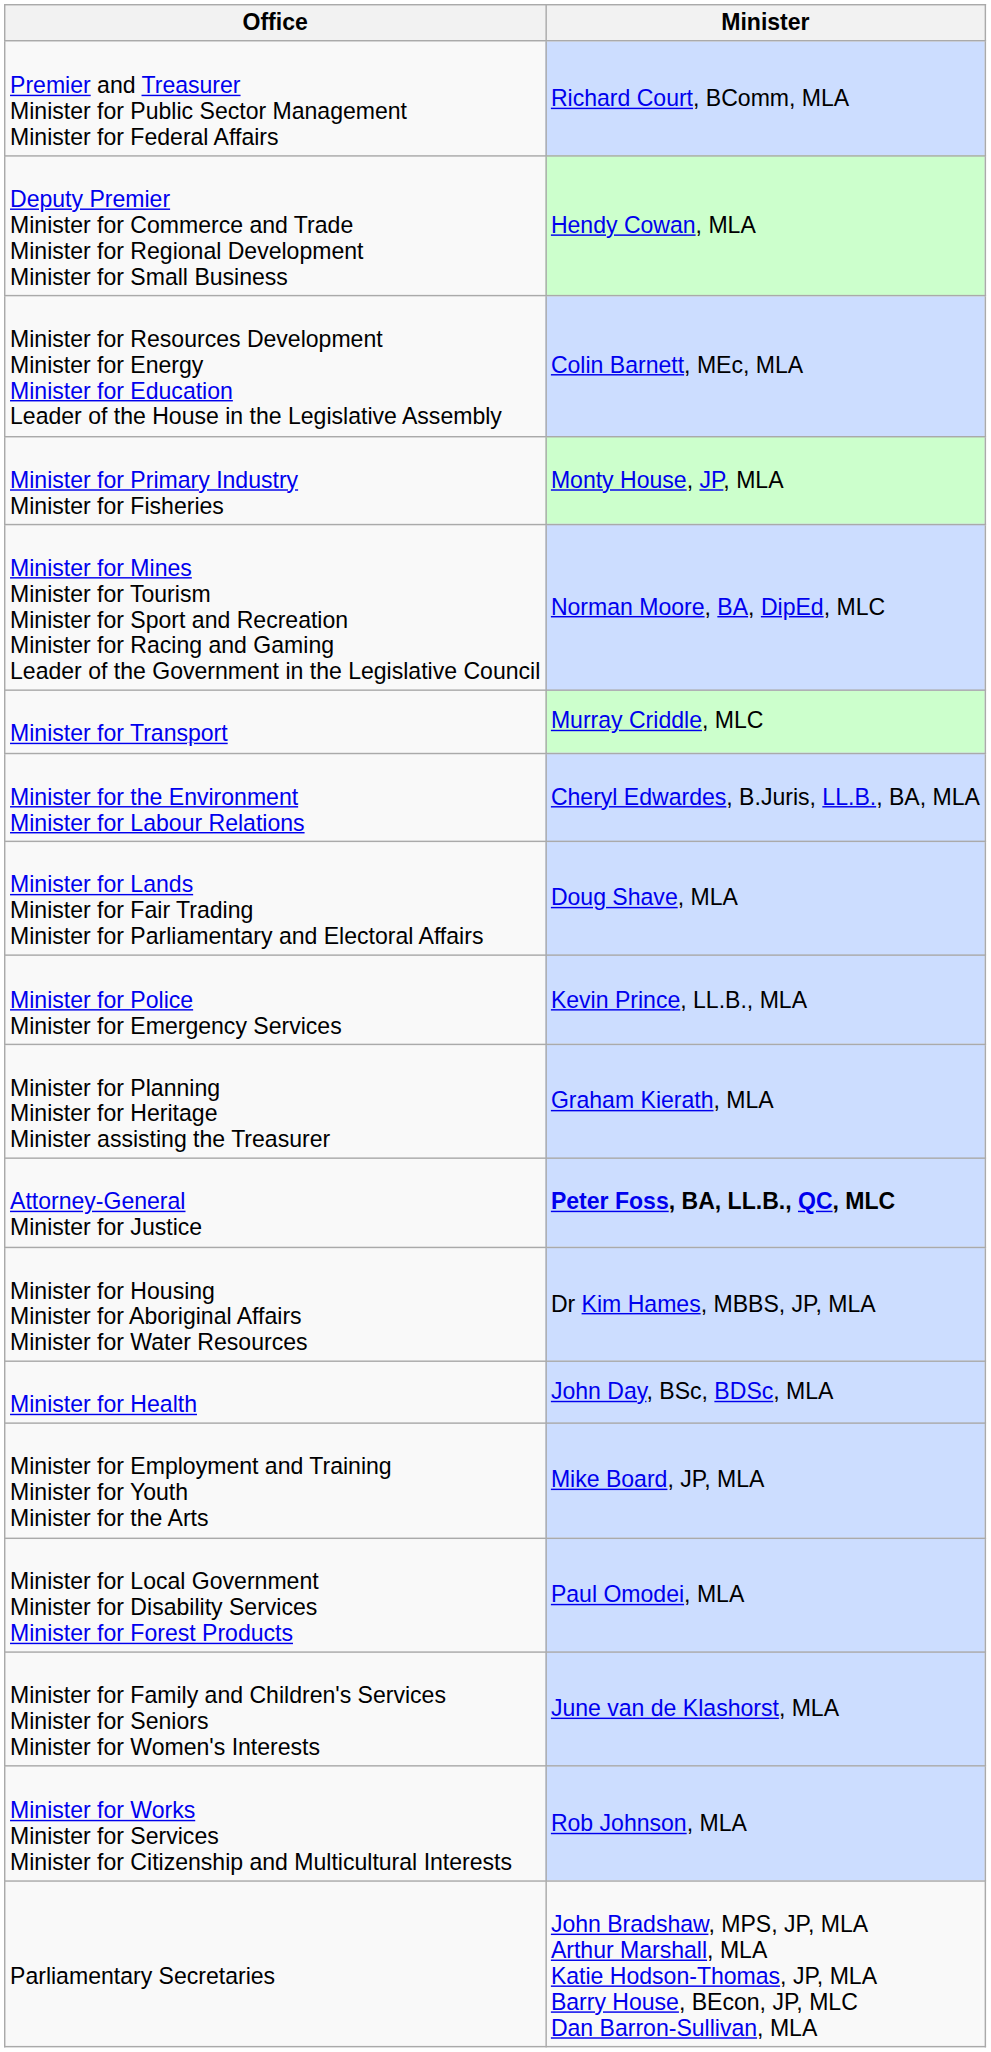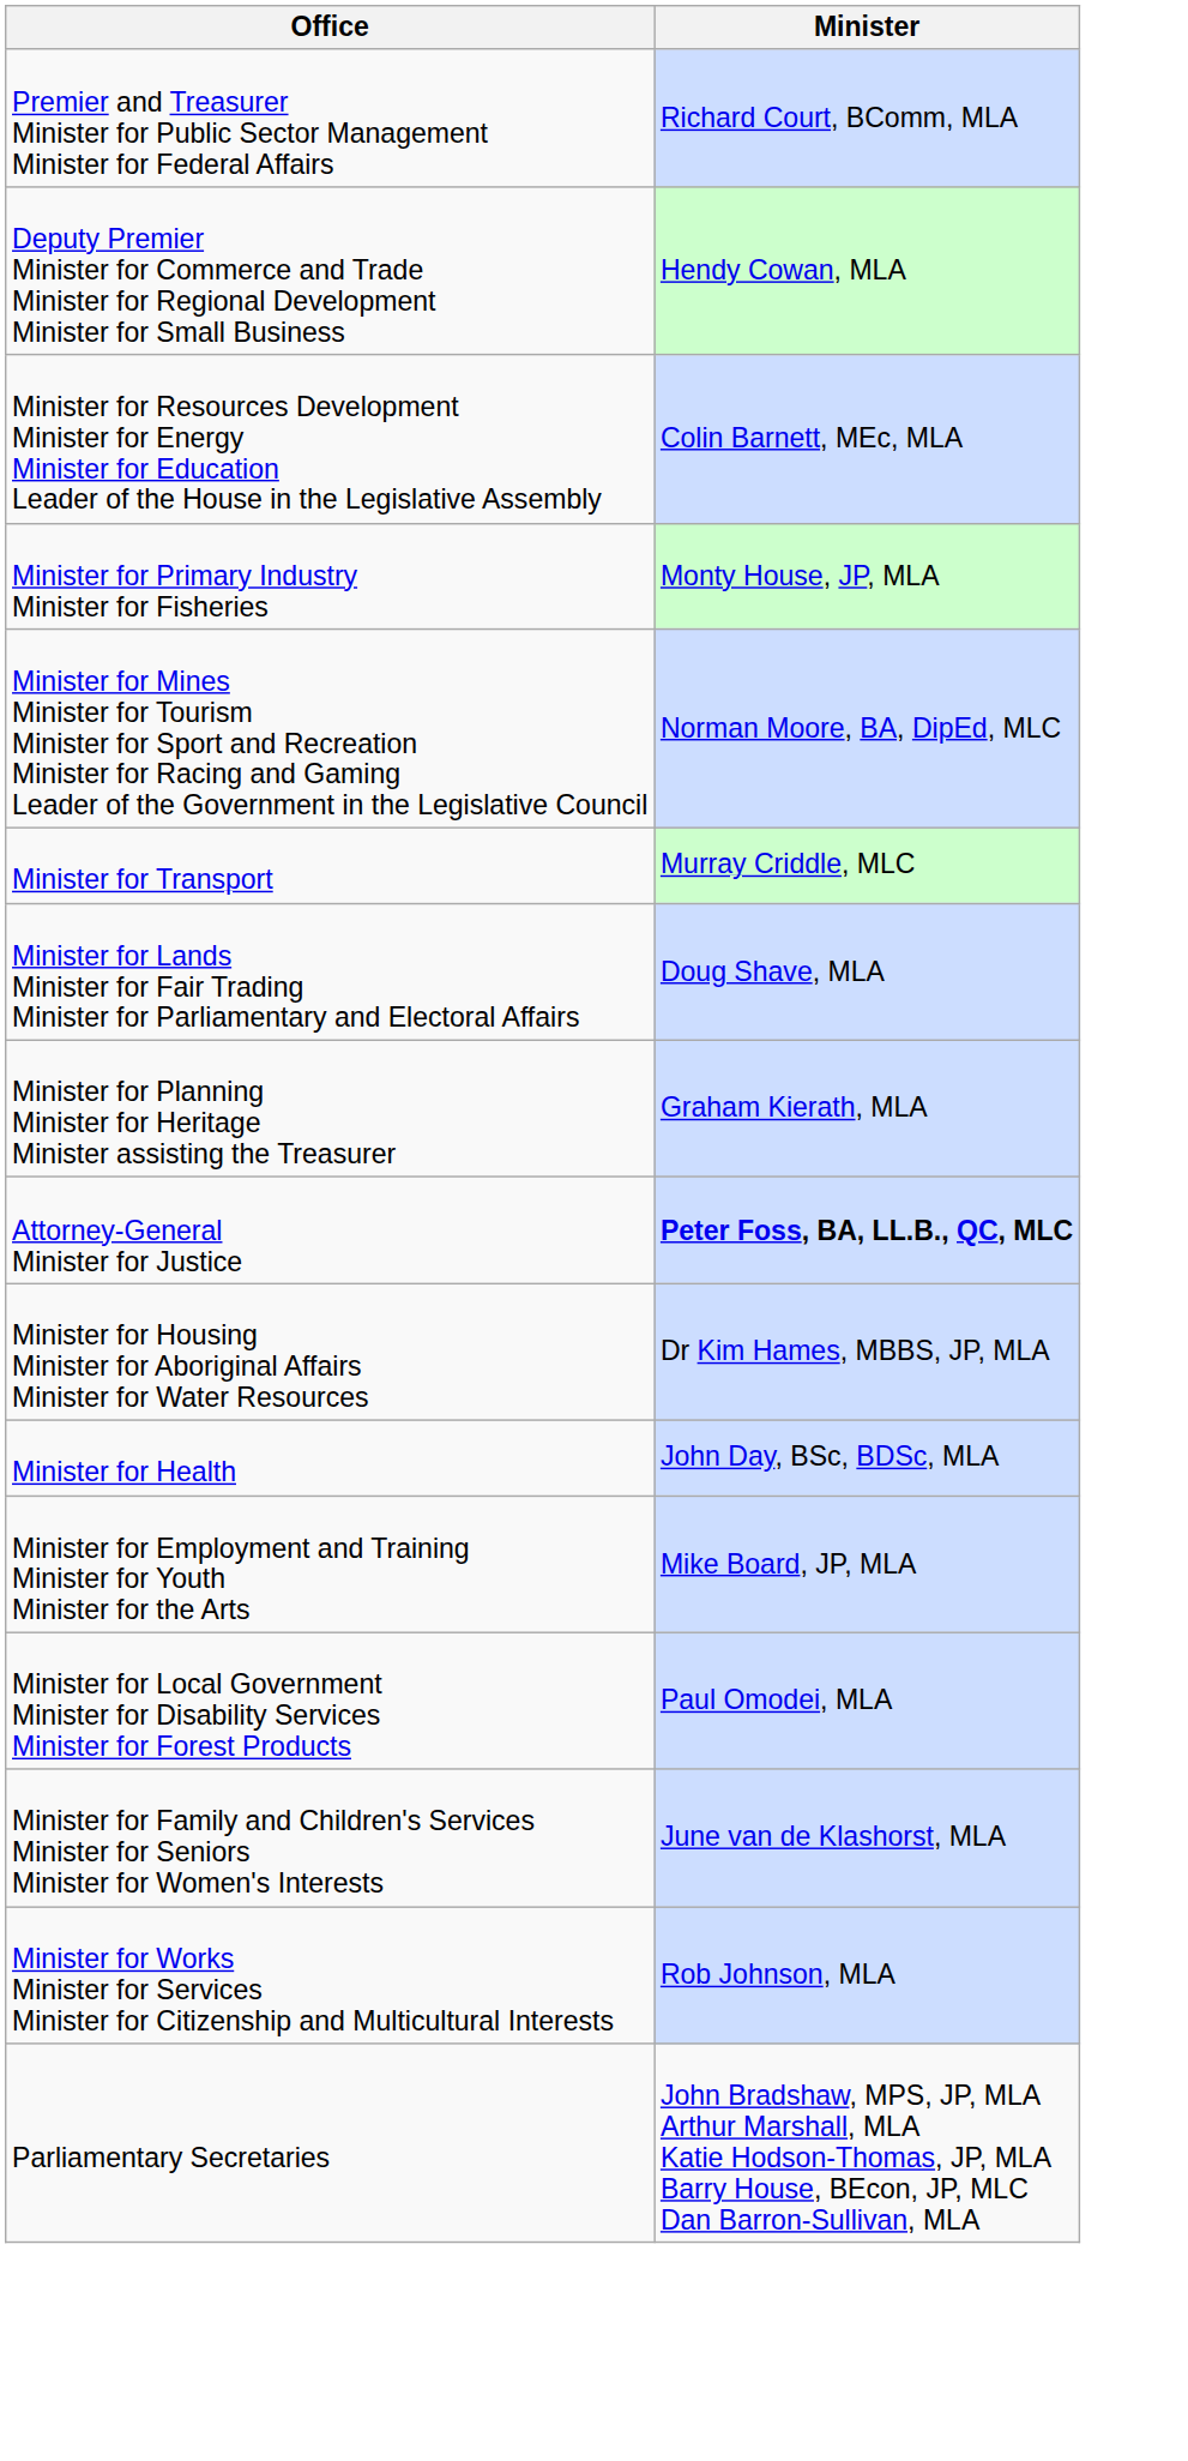 <table class="wikitable">
 <tr>
 <th>Office</th>
 <th>Minister</th>
 </tr>
 <tr>
 <td><br><a href='#'>Premier</a> and <a href='#'>Treasurer</a><br> Minister for Public Sector Management<br> Minister for Federal Affairs<br></td>
 <td style="background:#CCDDFF"><a href='#'>Richard Court</a>, BComm, MLA</td>
 </tr>
 <tr>
 <td><br><a href='#'>Deputy Premier</a><br> Minister for Commerce and Trade<br> Minister for Regional Development<br> Minister for Small Business</td>
 <td style="background:#CCFFCC"><a href='#'>Hendy Cowan</a>, MLA</td>
 </tr>
 <tr>
 <td><br>Minister for Resources Development<br> Minister for Energy<br> <a href='#'>Minister for Education</a><br> Leader of the House in the Legislative Assembly</td>
 <td style="background:#CCDDFF"><a href='#'>Colin Barnett</a>, MEc, MLA</td>
 </tr>
 <tr>
 <td><br><a href='#'>Minister for Primary Industry</a><br> Minister for Fisheries</td>
 <td style="background:#CCFFCC"><a href='#'>Monty House</a>, <a href='#'>JP</a>, MLA</td>
 </tr>
 <tr>
 <td><br><a href='#'>Minister for Mines</a><br> Minister for Tourism<br> Minister for Sport and Recreation<br> Minister for Racing and Gaming<br> Leader of the Government in the Legislative Council</td>
 <td style="background:#CCDDFF"><a href='#'>Norman Moore</a>, <a href='#'>BA</a>, <a href='#'>DipEd</a>, MLC</td>
 </tr>
 <tr>
 <td><br><a href='#'>Minister for Transport</a><br></td>
 <td style="background:#CCFFCC"><a href='#'>Murray Criddle</a>, MLC</td>
 </tr>
 <tr>
-<td><br><a href='#'>Minister for the Environment</a><br> <a href='#'>Minister for Labour Relations</a><br></td>
-<td style="background:#CCDDFF"><a href='#'>Cheryl Edwardes</a>, B.Juris, <a href='#'>LL.B.</a>, BA, MLA</td>
-</tr>
-<tr>
 <td><br><a href='#'>Minister for Lands</a><br> Minister for Fair Trading<br> Minister for Parliamentary and Electoral Affairs<br></td>
 <td style="background:#CCDDFF"><a href='#'>Doug Shave</a>, MLA</td>
-</tr>
-<tr>
-<td><br><a href='#'>Minister for Police</a><br> Minister for Emergency Services<br></td>
-<td style="background:#CCDDFF"><a href='#'>Kevin Prince</a>, LL.B., MLA</td>
 </tr>
 <tr>
 <td><br>Minister for Planning<br> Minister for Heritage<br> Minister assisting the Treasurer</td>
 <td style="background:#CCDDFF"><a href='#'>Graham Kierath</a>, MLA</td>
 </tr>
 <tr>
 <td><br><a href='#'>Attorney-General</a><br> Minister for Justice<br></td>
 <td style="background:#CCDDFF"><strong><a href='#'>Peter Foss</a>, BA, LL.B., <a href='#'>QC</a>, MLC</strong></td>
 </tr>
 <tr>
 <td><br>Minister for Housing<br> Minister for Aboriginal Affairs<br> Minister for Water Resources<br></td>
 <td style="background:#CCDDFF">Dr <a href='#'>Kim Hames</a>, MBBS, JP, MLA</td>
 </tr>
 <tr>
 <td><br><a href='#'>Minister for Health</a><br></td>
 <td style="background:#CCDDFF"><a href='#'>John Day</a>, BSc, <a href='#'>BDSc</a>, MLA</td>
 </tr>
 <tr>
 <td><br>Minister for Employment and Training<br> Minister for Youth<br> Minister for the Arts<br></td>
 <td style="background:#CCDDFF"><a href='#'>Mike Board</a>, JP, MLA</td>
 </tr>
 <tr>
 <td><br>Minister for Local Government<br> Minister for Disability Services<br> <a href='#'>Minister for Forest Products</a><br></td>
 <td style="background:#CCDDFF"><a href='#'>Paul Omodei</a>, MLA</td>
 </tr>
 <tr>
 <td><br>Minister for Family and Children's Services<br> Minister for Seniors<br> Minister for Women's Interests<br></td>
 <td style="background:#CCDDFF"><a href='#'>June van de Klashorst</a>, MLA</td>
 </tr>
 <tr>
 <td><br><a href='#'>Minister for Works</a><br> Minister for Services<br> Minister for Citizenship and Multicultural Interests<br></td>
 <td style="background:#CCDDFF"><a href='#'>Rob Johnson</a>, MLA</td>
 </tr>
 <tr>
 <td><br>Parliamentary Secretaries</td>
 <td><br><span><a href='#'>John Bradshaw</a>, MPS, JP, MLA<br> <a href='#'>Arthur Marshall</a>, MLA<br> <a href='#'>Katie Hodson-Thomas</a>, JP, MLA<br> <a href='#'>Barry House</a>, BEcon, JP, MLC<br> <a href='#'>Dan Barron-Sullivan</a>, MLA</span></td>
 </tr>
 </table>
